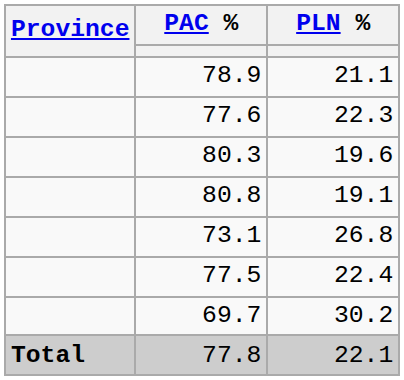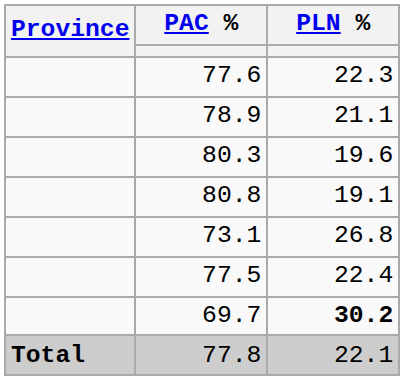 <table class="wikitable sortable" style="text-align:right; font-size:95%">
 <tr>
 <th rowspan="2"><a href='#'>Province</a></th>
 <th width="60px"><a href='#'>PAC</a> %</th>
 <th width="60px"><a href='#'>PLN</a> %</th>
 </tr>
 <tr>
 <th style="background:"></th>
 <th style="background:"></th>
 </tr>
 <tr>
 <td align="left"></td>
-<td style="background:">78.9</td>
-<td>21.1</td>
+<td style="background:">77.6</td>
+<td>22.3</td>
 </tr>
 <tr>
 <td align="left"></td>
-<td style="background:">77.6</td>
-<td>22.3</td>
+<td style="background:">78.9</td>
+<td>21.1</td>
 </tr>
 <tr>
 <td align="left"></td>
 <td style="background:">80.3</td>
 <td>19.6</td>
 </tr>
 <tr>
 <td align="left"></td>
 <td style="background:">80.8</td>
 <td>19.1</td>
 </tr>
 <tr>
 <td align="left"></td>
 <td style="background:">73.1</td>
 <td>26.8</td>
 </tr>
 <tr>
 <td align="left"></td>
 <td style="background:">77.5</td>
 <td>22.4</td>
 </tr>
 <tr>
 <td align="left"></td>
 <td style="background:">69.7</td>
-<td>30.2</td>
+<td><strong>30.2</strong></td>
 </tr>
 <tr>
 </tr>
 <tr style="background:#CDCDCD;">
 <td align="left"><strong>Total</strong></td>
 <td style="background:">77.8</td>
 <td>22.1</td>
 </tr>
 </table>
